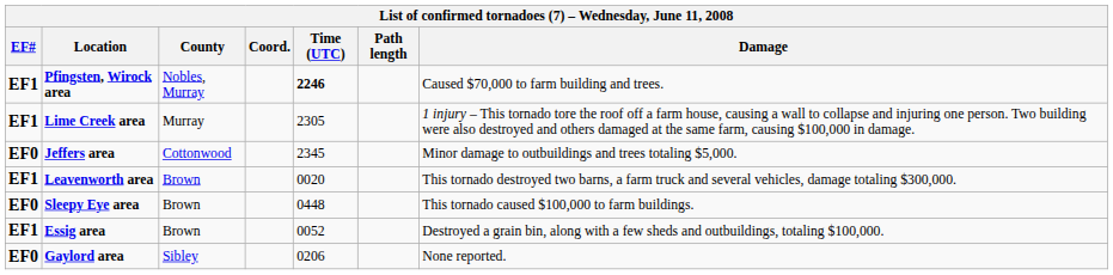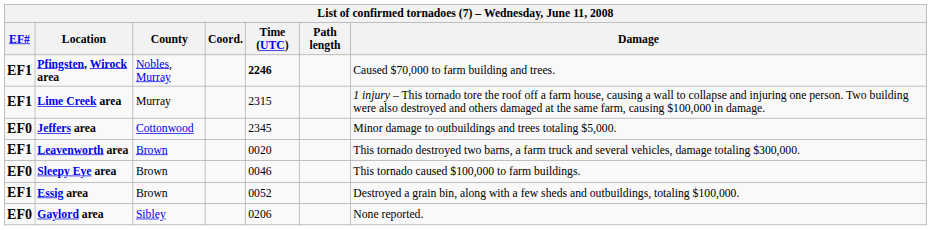 <table class="wikitable collapsible" width="100%">
 <tr>
 <th colspan="7">List of confirmed tornadoes (7) – Wednesday, June 11, 2008</th>
 </tr>
 <tr>
 <th><a href='#'>EF#</a></th>
 <th>Location</th>
 <th>County</th>
 <th>Coord.</th>
 <th>Time (<a href='#'>UTC</a>)</th>
 <th>Path length</th>
 <th>Damage</th>
 </tr>
 <tr>
 <td><big><strong>EF1</strong></big></td>
 <td><strong><a href='#'>Pfingsten</a>, <a href='#'>Wirock</a> area</strong></td>
 <td><a href='#'>Nobles</a>, <a href='#'>Murray</a></td>
 <td></td>
 <td><strong>2246</strong></td>
 <td></td>
 <td>Caused $70,000 to farm building and trees.</td>
 </tr>
 <tr>
 <td><big><strong>EF1</strong></big></td>
 <td><strong><a href='#'>Lime Creek</a> area</strong></td>
 <td>Murray</td>
 <td></td>
-<td>2305</td>
+<td>2315</td>
 <td></td>
 <td><em>1 injury</em> – This tornado tore the roof off a farm house, causing a wall to collapse and injuring one person. Two building were also destroyed and others damaged at the same farm, causing $100,000 in damage.</td>
 </tr>
 <tr>
 <td><big><strong>EF0</strong></big></td>
 <td><strong><a href='#'>Jeffers</a> area</strong></td>
 <td><a href='#'>Cottonwood</a></td>
 <td></td>
 <td>2345</td>
 <td></td>
 <td>Minor damage to outbuildings and trees totaling $5,000.</td>
 </tr>
 <tr>
 <td><big><strong>EF1</strong></big></td>
 <td><strong><a href='#'>Leavenworth</a> area</strong></td>
 <td><a href='#'>Brown</a></td>
 <td></td>
 <td>0020</td>
 <td></td>
 <td>This tornado destroyed two barns, a farm truck and several vehicles, damage totaling $300,000.</td>
 </tr>
 <tr>
 <td><big><strong>EF0</strong></big></td>
 <td><strong><a href='#'>Sleepy Eye</a> area</strong></td>
 <td>Brown</td>
 <td></td>
-<td>0448</td>
+<td>0046</td>
 <td></td>
 <td>This tornado caused $100,000 to farm buildings.</td>
 </tr>
 <tr>
 <td><big><strong>EF1</strong></big></td>
 <td><strong><a href='#'>Essig</a> area</strong></td>
 <td>Brown</td>
 <td></td>
 <td>0052</td>
 <td></td>
 <td>Destroyed a grain bin, along with a few sheds and outbuildings, totaling $100,000.</td>
 </tr>
 <tr>
 <td><big><strong>EF0</strong></big></td>
 <td><strong><a href='#'>Gaylord</a> area</strong></td>
 <td><a href='#'>Sibley</a></td>
 <td></td>
 <td>0206</td>
 <td></td>
 <td>None reported.</td>
 </tr>
 </table>
